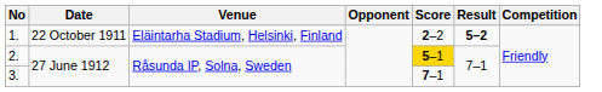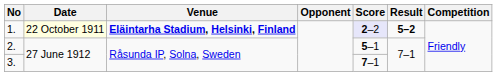 <table class="wikitable" style="font-size:85%;">
 <tr>
 <th>No</th>
 <th>Date</th>
 <th>Venue</th>
 <th>Opponent</th>
 <th>Score</th>
 <th>Result</th>
 <th>Competition</th>
 </tr>
 <tr>
 <td>1.</td>
-<td>22 October 1911</td>
-<td><a href='#'>Eläintarha Stadium</a>, <a href='#'>Helsinki</a>, <a href='#'>Finland</a></td>
+<td style="background: lightyellow;">22 October 1911</td>
+<td><strong><a href='#'>Eläintarha Stadium</a>, <a href='#'>Helsinki</a>, <a href='#'>Finland</a></strong></td>
 <td rowspan="3"></td>
-<td align=center><strong>2</strong>–2</td>
+<td align=center style="background: lavender;"><strong>2</strong>–2</td>
 <td align=center><strong>5–2</strong></td>
 <td rowspan="3"><a href='#'>Friendly</a></td>
 </tr>
 <tr>
 <td>2.</td>
 <td rowspan="2">27 June 1912</td>
 <td rowspan="2"><a href='#'>Råsunda IP</a>, <a href='#'>Solna</a>, <a href='#'>Sweden</a></td>
-<td align=center style="background: gold;"><strong>5</strong>–1</td>
+<td align=center><strong>5</strong>–1</td>
 <td align=center rowspan="2">7–1</td>
 </tr>
 <tr>
 <td>3.</td>
 <td align=center><strong>7</strong>–1</td>
 </tr>
 </table>
